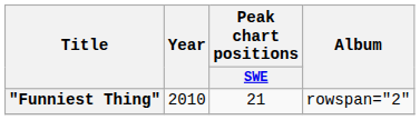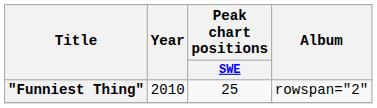 <table class="wikitable plainrowheaders" style="text-align:center;">
 <tr>
 <th scope="col" rowspan="2">Title</th>
 <th scope="col" rowspan="2">Year</th>
 <th scope="col" colspan="1">Peak chart positions</th>
 <th scope="col" rowspan="2">Album</th>
 </tr>
 <tr>
 <th scope="col" style="width:3em;font-size:85%;"><a href='#'>SWE</a></th>
 </tr>
 <tr>
 <th scope="row">"Funniest Thing"</th>
 <td>2010</td>
-<td>21</td>
+<td>25</td>
 <td>rowspan="2" </td>
 </tr>
 <tr>
 </tr>
 </table>
